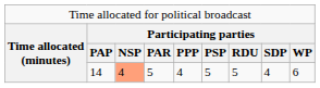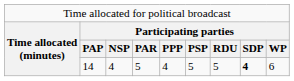 <table class="wikitable">
 <tr>
 <td colspan=9; style="text-align: center">Time allocated for political broadcast</td>
 </tr>
 <tr>
 <th rowspan=3>Time allocated<br>(minutes)</th>
 <th Colspan=8>Participating parties</th>
 </tr>
 <tr>
 <th>PAP</th>
 <th>NSP</th>
 <th>PAR</th>
 <th>PPP</th>
 <th>PSP</th>
 <th>RDU</th>
 <th>SDP</th>
 <th>WP</th>
 </tr>
 <tr>
 <td>14</td>
-<td style="background: lightsalmon;">4</td>
+<td>4</td>
 <td>5</td>
 <td>4</td>
 <td>5</td>
 <td>5</td>
-<td>4</td>
+<td><strong>4</strong></td>
 <td>6</td>
 </tr>
 </table>
